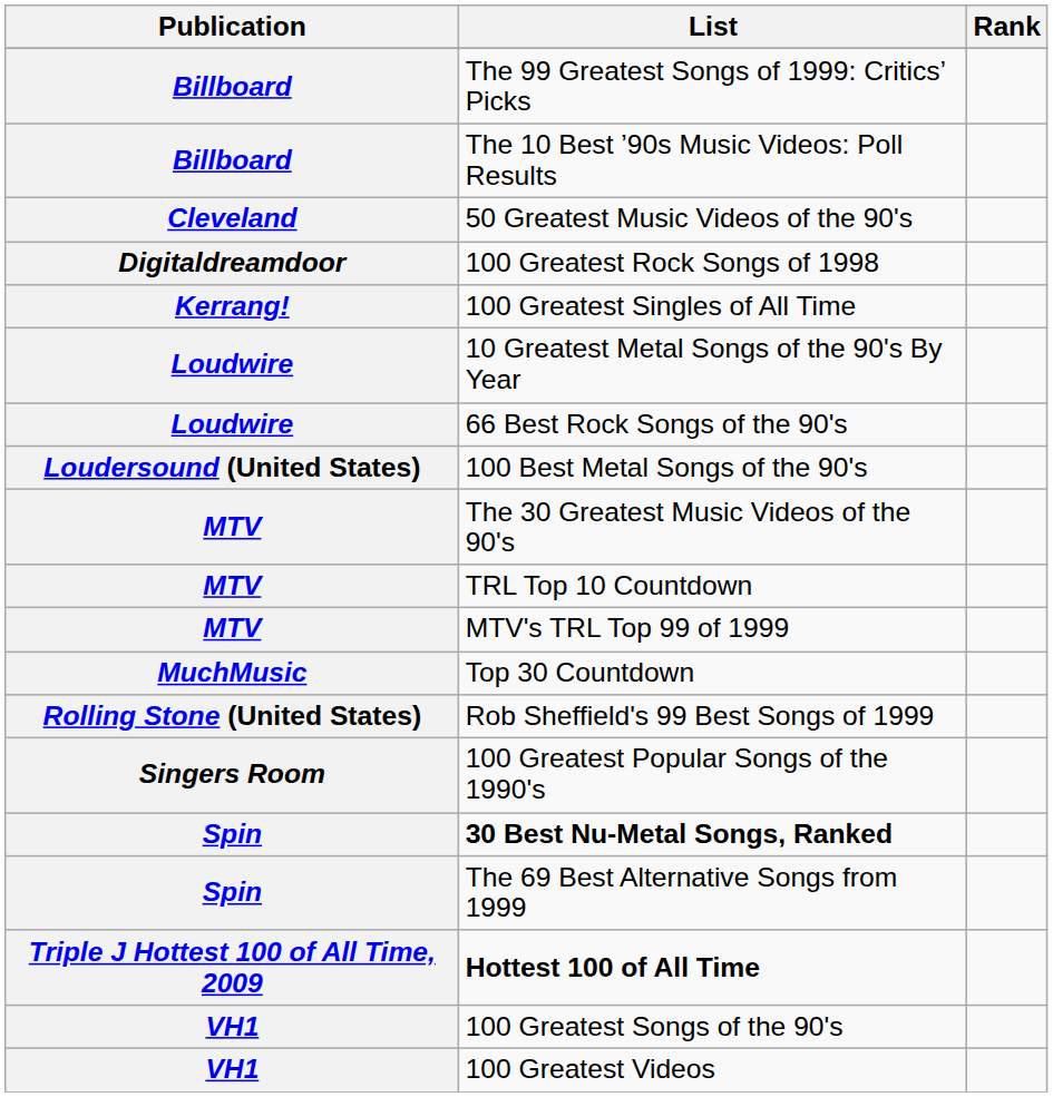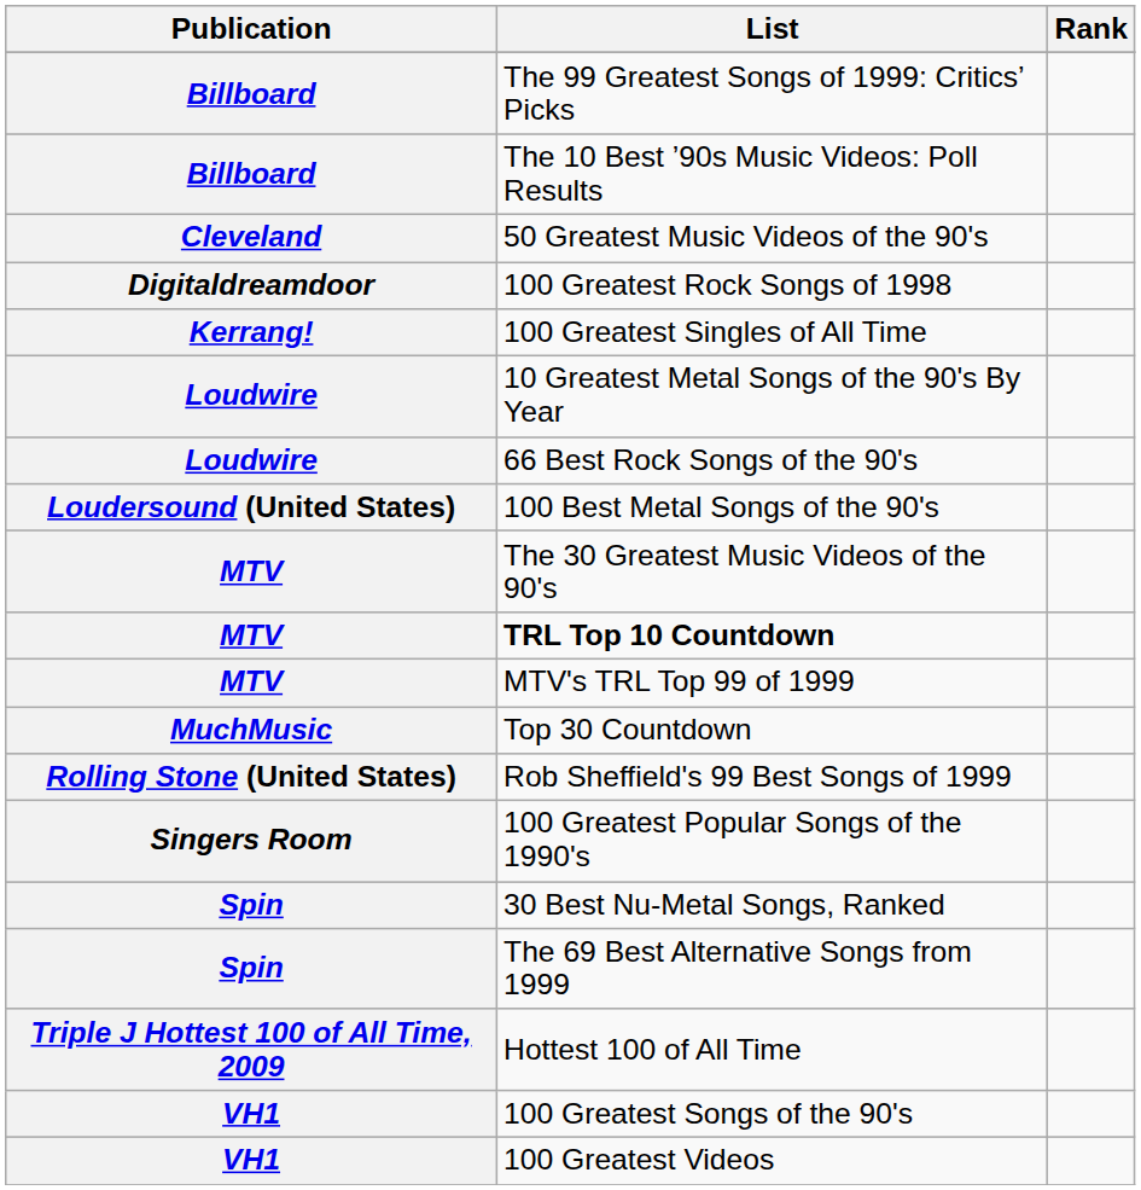 <table class="wikitable sortable plainrowheaders">
 <tr>
 <th>Publication</th>
 <th>List</th>
 <th>Rank</th>
 </tr>
 <tr>
 </tr>
 <tr>
 <th scope="row"><em><a href='#'>Billboard</a></em></th>
 <td>The 99 Greatest Songs of 1999: Critics’ Picks</td>
 <td></td>
 </tr>
 <tr>
 <th scope="row"><em><a href='#'>Billboard</a></em></th>
 <td>The 10 Best ’90s Music Videos: Poll Results</td>
 <td></td>
 </tr>
 <tr>
 <th scope="row"><em><a href='#'>Cleveland</a></em></th>
 <td>50 Greatest Music Videos of the 90's</td>
 <td></td>
 </tr>
 <tr>
 <th scope="row"><em>Digitaldreamdoor</em></th>
 <td>100 Greatest Rock Songs of 1998</td>
 <td></td>
 </tr>
 <tr>
 <th scope="row"><em><a href='#'>Kerrang!</a></em></th>
 <td>100 Greatest Singles of All Time</td>
 <td></td>
 </tr>
 <tr>
 <th scope="row"><em><a href='#'>Loudwire</a></em></th>
 <td>10 Greatest Metal Songs of the 90's By Year</td>
 <td></td>
 </tr>
 <tr>
 <th scope="row"><em><a href='#'>Loudwire</a></em></th>
 <td>66 Best Rock Songs of the 90's</td>
 <td></td>
 </tr>
 <tr>
 <th scope="row"><em><a href='#'>Loudersound</a></em> (United States)</th>
 <td>100 Best Metal Songs of the 90's</td>
 <td></td>
 </tr>
 <tr>
 <th scope="row"><em><a href='#'>MTV</a></em></th>
 <td>The 30 Greatest Music Videos of the 90's</td>
 <td></td>
 </tr>
 <tr>
 <th scope="row"><em><a href='#'>MTV</a></em></th>
-<td>TRL Top 10 Countdown</td>
+<td><strong>TRL Top 10 Countdown</strong></td>
 <td></td>
 </tr>
 <tr>
 <th scope="row"><em><a href='#'>MTV</a></em></th>
 <td>MTV's TRL Top 99 of 1999</td>
 <td></td>
 </tr>
 <tr>
 <th scope="row"><em><a href='#'>MuchMusic</a></em></th>
 <td>Top 30 Countdown</td>
 <td></td>
 </tr>
 <tr>
 <th scope="row"><em><a href='#'>Rolling Stone</a></em> (United States)</th>
 <td>Rob Sheffield's 99 Best Songs of 1999</td>
 <td></td>
 </tr>
 <tr>
 <th scope="row"><em>Singers Room</em></th>
 <td>100 Greatest Popular Songs of the 1990's</td>
 <td></td>
 </tr>
 <tr>
 <th scope="row"><em><a href='#'>Spin</a></em></th>
-<td><strong>30 Best Nu-Metal Songs, Ranked</strong></td>
+<td>30 Best Nu-Metal Songs, Ranked</td>
 <td></td>
 </tr>
 <tr>
 <th scope="row"><em><a href='#'>Spin</a></em></th>
 <td>The 69 Best Alternative Songs from 1999</td>
 <td></td>
 </tr>
 <tr>
 <th scope="row"><em><a href='#'>Triple J Hottest 100 of All Time, 2009</a></em></th>
-<td><strong>Hottest 100 of All Time</strong></td>
+<td>Hottest 100 of All Time</td>
 <td></td>
 </tr>
 <tr>
 <th scope="row"><em><a href='#'>VH1</a></em></th>
 <td>100 Greatest Songs of the 90's</td>
 <td></td>
 </tr>
 <tr>
 <th scope="row"><em><a href='#'>VH1</a></em></th>
 <td>100 Greatest Videos</td>
 <td></td>
 </tr>
 <tr>
 </tr>
 </table>
